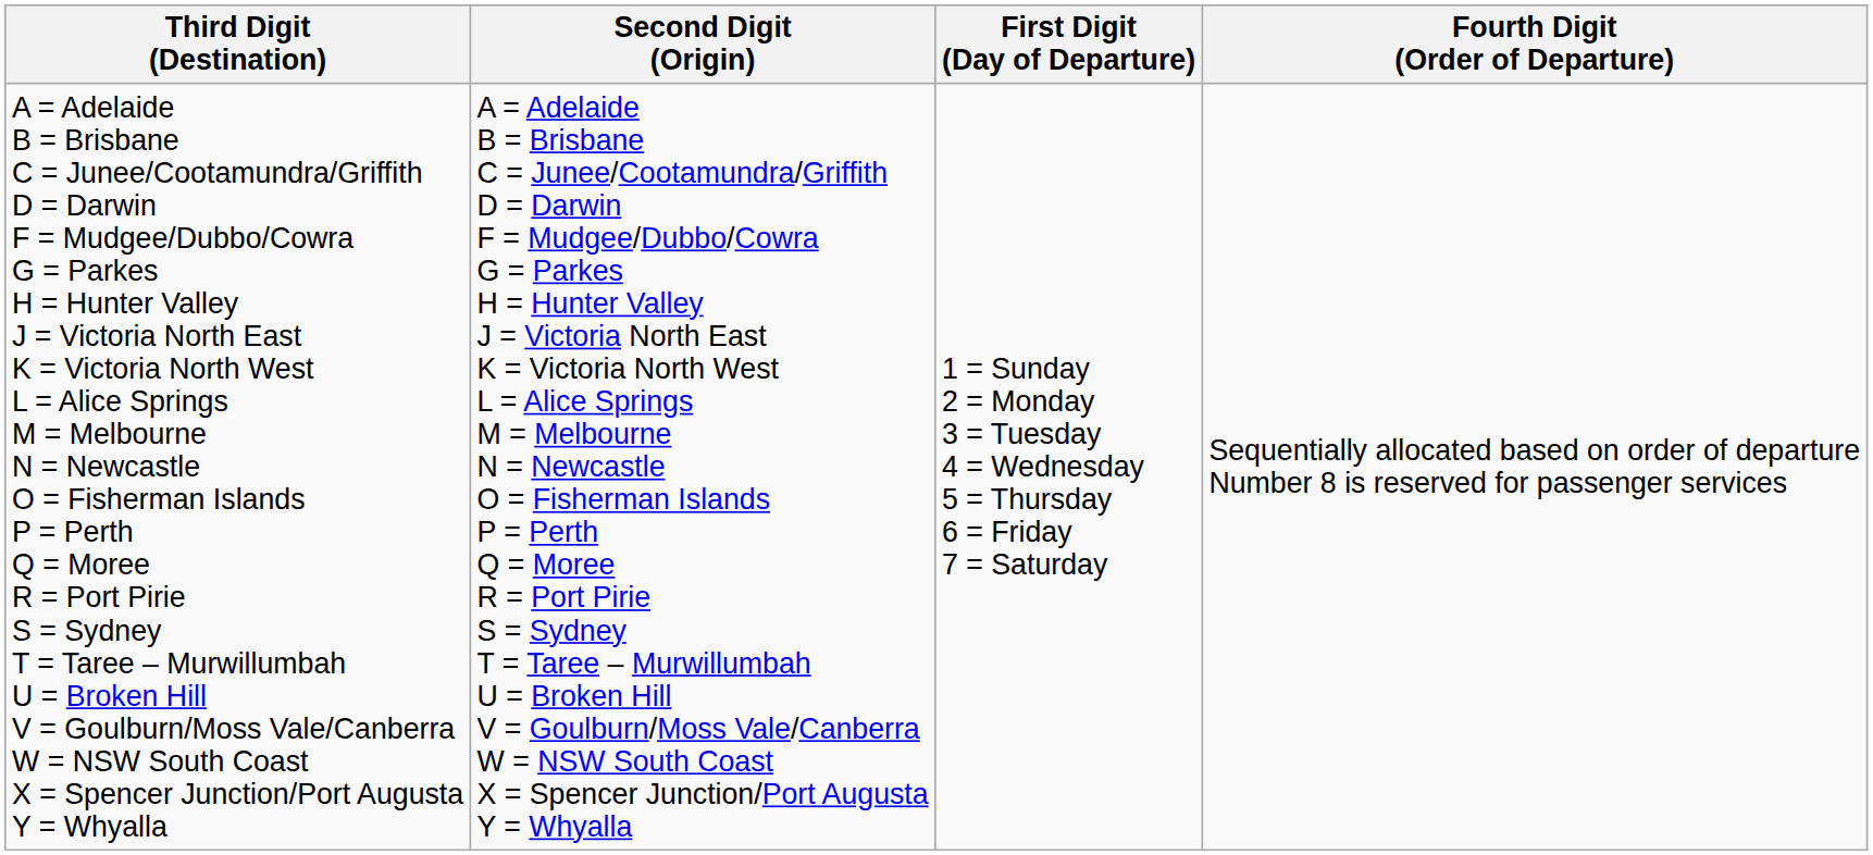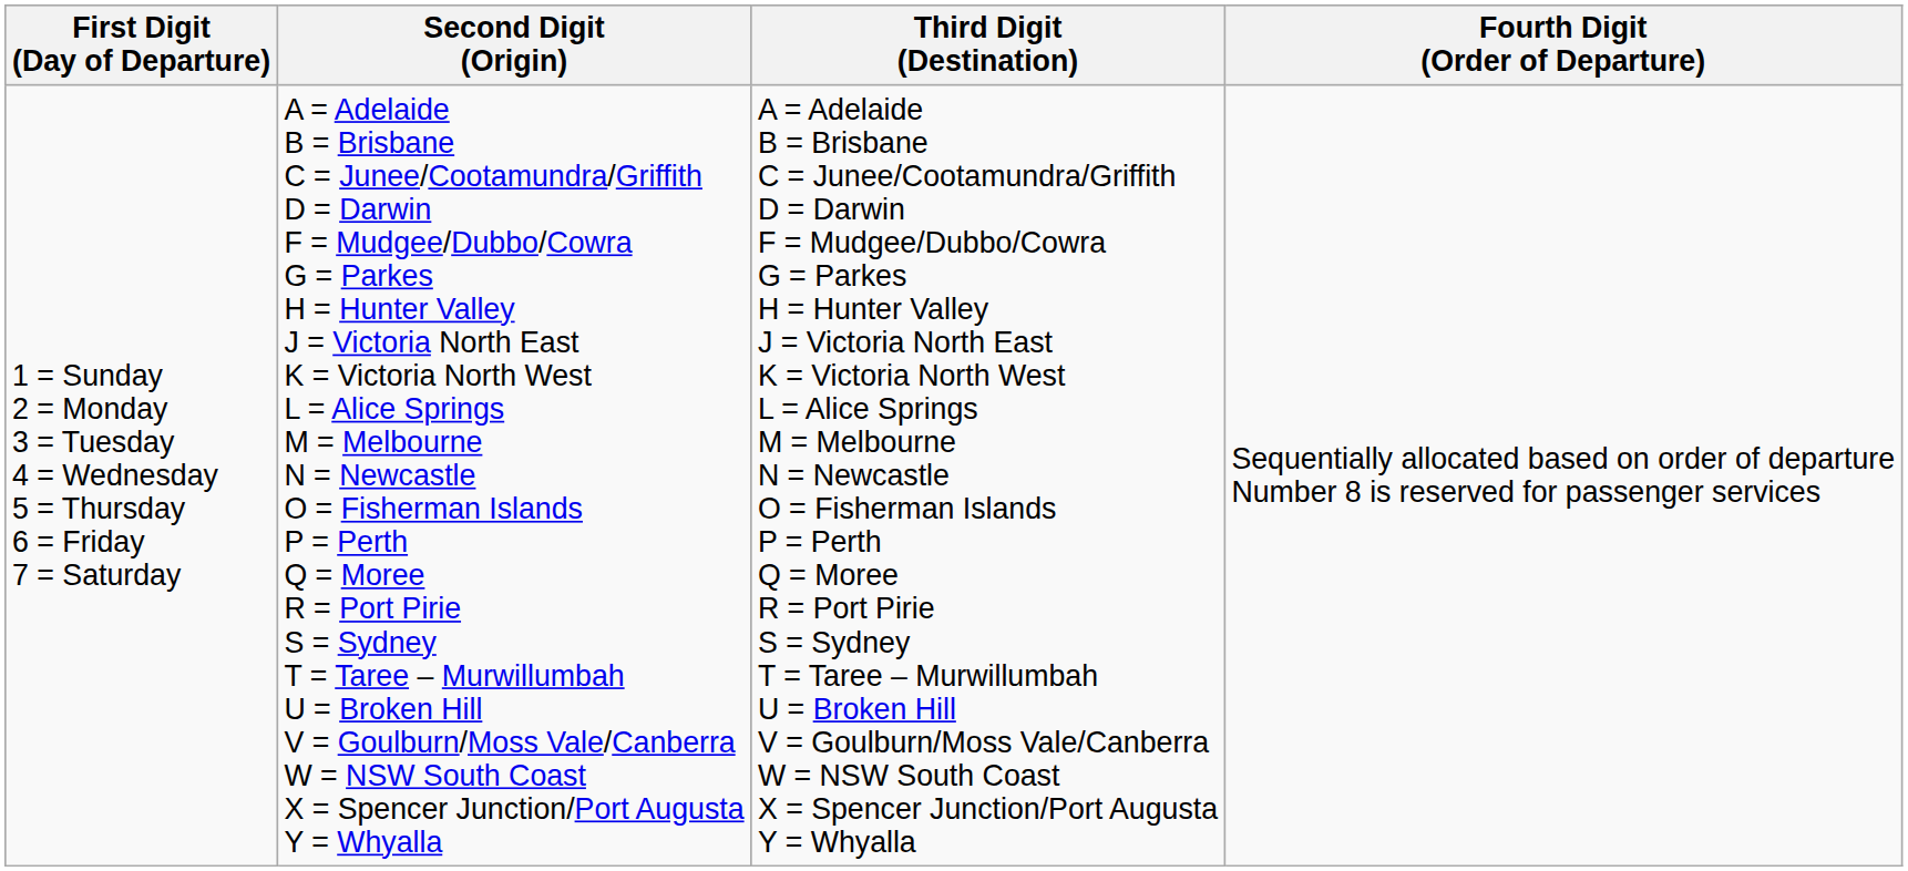 <table class="wikitable">
 <tr>
+<th>First Digit<br>(Day of Departure)</th>
+<th>Second Digit<br>(Origin)</th>
 <th>Third Digit<br>(Destination)</th>
-<th>Second Digit<br>(Origin)</th>
-<th>First Digit<br>(Day of Departure)</th>
 <th>Fourth Digit<br>(Order of Departure)</th>
 </tr>
 <tr>
+<td>1 = Sunday<br>2 = Monday<br>3 = Tuesday<br>4 = Wednesday<br>5 = Thursday<br>6 = Friday<br>7 = Saturday</td>
+<td>A = <a href='#'>Adelaide</a><br>B = <a href='#'>Brisbane</a><br>C = <a href='#'>Junee</a>/<a href='#'>Cootamundra</a>/<a href='#'>Griffith</a><br>D = <a href='#'>Darwin</a><br>F = <a href='#'>Mudgee</a>/<a href='#'>Dubbo</a>/<a href='#'>Cowra</a><br>G = <a href='#'>Parkes</a><br>H = <a href='#'>Hunter Valley</a><br>J = <a href='#'>Victoria</a> North East<br>K = Victoria North West<br>L = <a href='#'>Alice Springs</a><br>M = <a href='#'>Melbourne</a><br>N = <a href='#'>Newcastle</a><br>O = <a href='#'>Fisherman Islands</a><br>P = <a href='#'>Perth</a><br>Q = <a href='#'>Moree</a><br>R = <a href='#'>Port Pirie</a><br>S = <a href='#'>Sydney</a><br>T = <a href='#'>Taree</a> – <a href='#'>Murwillumbah</a><br>U = <a href='#'>Broken Hill</a><br>V = <a href='#'>Goulburn</a>/<a href='#'>Moss Vale</a>/<a href='#'>Canberra</a><br>W = <a href='#'>NSW South Coast</a><br>X = Spencer Junction/<a href='#'>Port Augusta</a><br>Y = <a href='#'>Whyalla</a></td>
 <td>A = Adelaide<br>B = Brisbane<br>C = Junee/Cootamundra/Griffith<br>D = Darwin<br>F = Mudgee/Dubbo/Cowra<br>G = Parkes<br>H = Hunter Valley<br>J = Victoria North East<br>K = Victoria North West<br>L = Alice Springs<br>M = Melbourne<br>N = Newcastle<br>O = Fisherman Islands<br>P = Perth<br>Q = Moree<br>R = Port Pirie<br>S = Sydney<br>T = Taree – Murwillumbah<br>U = <a href='#'>Broken Hill</a><br>V = Goulburn/Moss Vale/Canberra<br>W = NSW South Coast<br>X = Spencer Junction/Port Augusta<br>Y = Whyalla</td>
-<td>A = <a href='#'>Adelaide</a><br>B = <a href='#'>Brisbane</a><br>C = <a href='#'>Junee</a>/<a href='#'>Cootamundra</a>/<a href='#'>Griffith</a><br>D = <a href='#'>Darwin</a><br>F = <a href='#'>Mudgee</a>/<a href='#'>Dubbo</a>/<a href='#'>Cowra</a><br>G = <a href='#'>Parkes</a><br>H = <a href='#'>Hunter Valley</a><br>J = <a href='#'>Victoria</a> North East<br>K = Victoria North West<br>L = <a href='#'>Alice Springs</a><br>M = <a href='#'>Melbourne</a><br>N = <a href='#'>Newcastle</a><br>O = <a href='#'>Fisherman Islands</a><br>P = <a href='#'>Perth</a><br>Q = <a href='#'>Moree</a><br>R = <a href='#'>Port Pirie</a><br>S = <a href='#'>Sydney</a><br>T = <a href='#'>Taree</a> – <a href='#'>Murwillumbah</a><br>U = <a href='#'>Broken Hill</a><br>V = <a href='#'>Goulburn</a>/<a href='#'>Moss Vale</a>/<a href='#'>Canberra</a><br>W = <a href='#'>NSW South Coast</a><br>X = Spencer Junction/<a href='#'>Port Augusta</a><br>Y = <a href='#'>Whyalla</a></td>
-<td>1 = Sunday<br>2 = Monday<br>3 = Tuesday<br>4 = Wednesday<br>5 = Thursday<br>6 = Friday<br>7 = Saturday</td>
 <td>Sequentially allocated based on order of departure<br>Number 8 is reserved for passenger services</td>
 </tr>
 </table>
